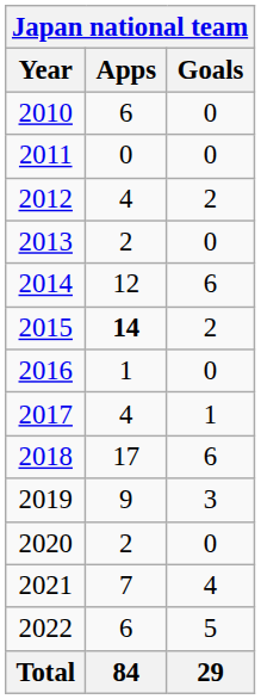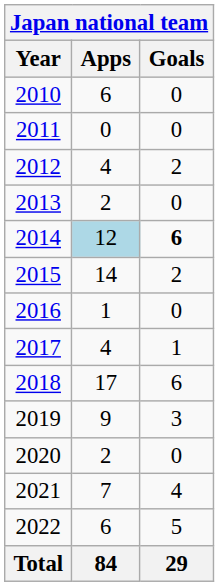 <table class="wikitable" style="text-align:center">
 <tr>
 <th colspan="3"><a href='#'>Japan national team</a></th>
 </tr>
 <tr>
 <th>Year</th>
 <th>Apps</th>
 <th>Goals</th>
 </tr>
 <tr>
 <td><a href='#'>2010</a></td>
 <td>6</td>
 <td>0</td>
 </tr>
 <tr>
 <td><a href='#'>2011</a></td>
 <td>0</td>
 <td>0</td>
 </tr>
 <tr>
 <td><a href='#'>2012</a></td>
 <td>4</td>
 <td>2</td>
 </tr>
 <tr>
 <td><a href='#'>2013</a></td>
 <td>2</td>
 <td>0</td>
 </tr>
 <tr>
 <td><a href='#'>2014</a></td>
-<td>12</td>
-<td>6</td>
+<td style="background: lightblue;">12</td>
+<td><strong>6</strong></td>
 </tr>
 <tr>
 <td><a href='#'>2015</a></td>
-<td><strong>14</strong></td>
+<td>14</td>
 <td>2</td>
 </tr>
 <tr>
 <td><a href='#'>2016</a></td>
 <td>1</td>
 <td>0</td>
 </tr>
 <tr>
 <td><a href='#'>2017</a></td>
 <td>4</td>
 <td>1</td>
 </tr>
 <tr>
 <td><a href='#'>2018</a></td>
 <td>17</td>
 <td>6</td>
 </tr>
 <tr>
 <td>2019</td>
 <td>9</td>
 <td>3</td>
 </tr>
 <tr>
 <td>2020</td>
 <td>2</td>
 <td>0</td>
 </tr>
 <tr>
 <td>2021</td>
 <td>7</td>
 <td>4</td>
 </tr>
 <tr>
 <td>2022</td>
 <td>6</td>
 <td>5</td>
 </tr>
 <tr>
 <th>Total</th>
 <th>84</th>
 <th>29</th>
 </tr>
 </table>
